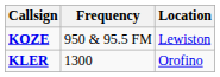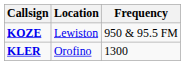 <table class="wikitable sortable">
 <tr>
 <th>Callsign</th>
+<th>Location</th>
 <th>Frequency</th>
-<th>Location</th>
 </tr>
 <tr>
 <td><strong><a href='#'>KOZE</a></strong></td>
+<td><a href='#'>Lewiston</a></td>
 <td data-sort-value=000950>950 & 95.5 FM</td>
-<td><a href='#'>Lewiston</a></td>
 </tr>
 <tr>
 <td><strong><a href='#'>KLER</a></strong></td>
+<td><a href='#'>Orofino</a></td>
 <td data-sort-value=001300>1300</td>
-<td><a href='#'>Orofino</a></td>
 </tr>
 </table>
